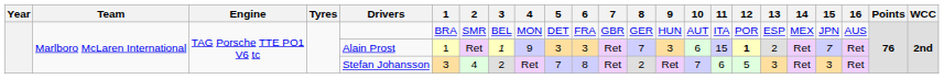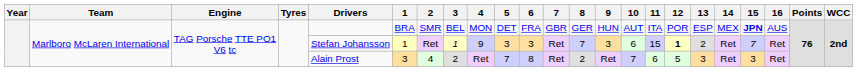 <table class="wikitable" style="text-align:center; font-size:95%">
 <tr>
 <th>Year</th>
 <th>Team</th>
 <th>Engine</th>
 <th>Tyres</th>
 <th>Drivers</th>
 <th>1</th>
 <th>2</th>
 <th>3</th>
 <th>4</th>
 <th>5</th>
 <th>6</th>
 <th>7</th>
 <th>8</th>
 <th>9</th>
 <th>10</th>
 <th>11</th>
 <th>12</th>
 <th>13</th>
 <th>14</th>
 <th>15</th>
 <th>16</th>
 <th>Points</th>
 <th>WCC</th>
 </tr>
 <tr>
 <th rowspan="3"></th>
 <td rowspan="3"><a href='#'>Marlboro</a> <a href='#'>McLaren International</a></td>
 <td rowspan="3"><a href='#'>TAG</a> <a href='#'>Porsche</a> <a href='#'>TTE PO1</a><br><a href='#'>V6</a> <a href='#'>tc</a></td>
 <td rowspan="3"></td>
 <td></td>
 <td><a href='#'>BRA</a></td>
 <td><a href='#'>SMR</a></td>
 <td><a href='#'>BEL</a></td>
 <td><a href='#'>MON</a></td>
 <td><a href='#'>DET</a></td>
 <td><a href='#'>FRA</a></td>
 <td><a href='#'>GBR</a></td>
 <td><a href='#'>GER</a></td>
 <td><a href='#'>HUN</a></td>
 <td><a href='#'>AUT</a></td>
 <td><a href='#'>ITA</a></td>
 <td><a href='#'>POR</a></td>
 <td><a href='#'>ESP</a></td>
 <td><a href='#'>MEX</a></td>
-<td><a href='#'>JPN</a></td>
+<td><strong><a href='#'>JPN</a></strong></td>
 <td><a href='#'>AUS</a></td>
 <td rowspan="3" style="background:#dfdfdf;"><strong>76</strong></td>
 <td rowspan="3" style="background:#dfdfdf;"><strong>2nd</strong></td>
 </tr>
 <tr>
-<td align="left"><a href='#'>Alain Prost</a></td>
+<td align="left"><a href='#'>Stefan Johansson</a></td>
 <td style="background:#FFFFBF;">1</td>
 <td style="background:#efcfff;">Ret</td>
 <td style="background:#FFFFBF;"><em>1</em></td>
 <td style="background:#CFCFFF;">9</td>
 <td style="background:#ffdf9f;">3</td>
 <td style="background:#ffdf9f;">3</td>
 <td style="background:#efcfff;">Ret</td>
 <td style="background:#CFCFFF;">7</td>
 <td style="background:#ffdf9f;">3</td>
 <td style="background:#DFFFDF;">6</td>
 <td style="background:#CFCFFF;">15</td>
 <td style="background:#FFFFBF;"><strong>1</strong></td>
 <td style="background:#DFDFDF;">2</td>
 <td style="background:#efcfff;">Ret</td>
 <td style="background:#CFCFFF;"><em>7</em></td>
 <td style="background:#efcfff;">Ret</td>
 </tr>
 <tr>
-<td align="left"><a href='#'>Stefan Johansson</a></td>
+<td align="left"><a href='#'>Alain Prost</a></td>
 <td style="background:#ffdf9f;">3</td>
 <td style="background:#DFFFDF;">4</td>
 <td style="background:#DFDFDF;">2</td>
 <td style="background:#efcfff;">Ret</td>
 <td style="background:#CFCFFF;">7</td>
 <td style="background:#CFCFFF;">8</td>
 <td style="background:#efcfff;">Ret</td>
 <td style="background:#DFDFDF;">2</td>
 <td style="background:#efcfff;">Ret</td>
 <td style="background:#CFCFFF;">7</td>
 <td style="background:#DFFFDF;">6</td>
 <td style="background:#DFFFDF;">5</td>
 <td style="background:#ffdf9f;">3</td>
 <td style="background:#efcfff;">Ret</td>
 <td style="background:#ffdf9f;">3</td>
 <td style="background:#efcfff;">Ret</td>
 </tr>
 </table>
